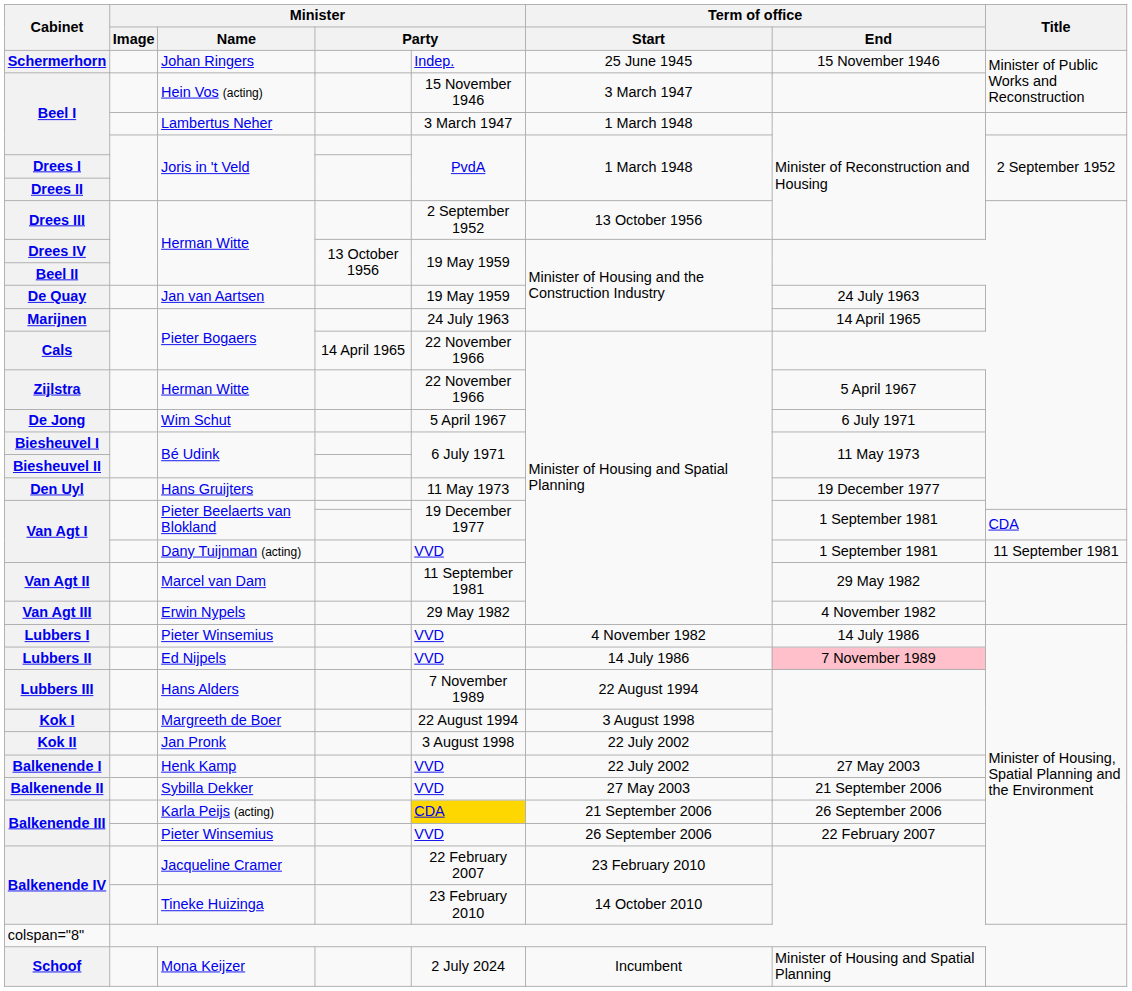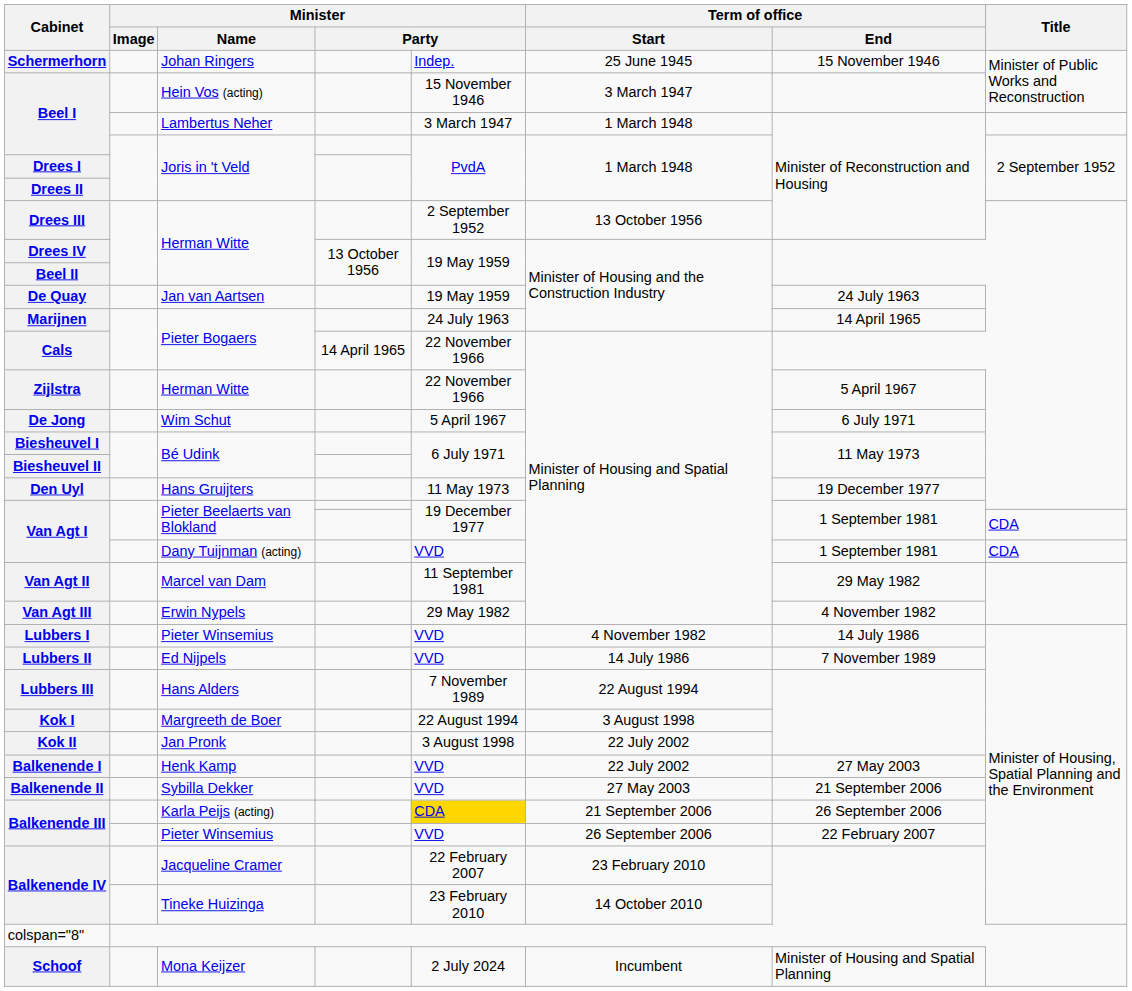 <table class="wikitable plainrowheaders">
 <tr>
 <th rowspan="2">Cabinet</th>
 <th colspan="4">Minister</th>
 <th colspan="2">Term of office</th>
 <th rowspan="2" width="150px">Title</th>
 </tr>
 <tr>
 <th width="1px">Image</th>
 <th>Name</th>
 <th colspan="2">Party</th>
 <th>Start</th>
 <th>End</th>
 </tr>
 <tr>
 <th scope="row"><a href='#'>Schermerhorn</a></th>
 <td rowspan="2"></td>
 <td rowspan="2"><a href='#'>Johan Ringers</a></td>
 <td rowspan="2" style="background:"></td>
 <td rowspan="2"><a href='#'>Indep.</a></td>
 <td rowspan="2" style="text-align:center">25 June 1945</td>
 <td rowspan="2" style="text-align:center">15 November 1946</td>
 <td rowspan="3">Minister of Public Works and Reconstruction</td>
 </tr>
 <tr>
 <th scope="row" rowspan="4"><a href='#'>Beel I</a></th>
 </tr>
 <tr>
 <td></td>
 <td><a href='#'>Hein Vos</a> <small>(acting)</small></td>
 <td></td>
 <td style="text-align:center">15 November 1946</td>
 <td style="text-align:center">3 March 1947</td>
 </tr>
 <tr>
 <td></td>
 <td><a href='#'>Lambertus Neher</a></td>
 <td></td>
 <td style="text-align:center">3 March 1947</td>
 <td style="text-align:center">1 March 1948</td>
 <td rowspan="5">Minister of Reconstruction and Housing</td>
 </tr>
 <tr>
 <td rowspan="3"></td>
 <td rowspan="3"><a href='#'>Joris in 't Veld</a></td>
 <td height="15px" style="background:"></td>
 <td rowspan="3" style="text-align:center"><a href='#'>PvdA</a></td>
 <td rowspan="3" style="text-align:center">1 March 1948</td>
 <td rowspan="3" style="text-align:center">2 September 1952</td>
 </tr>
 <tr>
 <th scope="row"><a href='#'>Drees I</a></th>
 <td rowspan="2" style="background:"></td>
 </tr>
 <tr>
 <th scope="row"><a href='#'>Drees II</a></th>
 </tr>
 <tr>
 <th scope="row"><a href='#'>Drees III</a></th>
 <td rowspan="3"></td>
 <td rowspan="3"><a href='#'>Herman Witte</a></td>
 <td></td>
 <td style="text-align:center">2 September 1952</td>
 <td style="text-align:center">13 October 1956</td>
 </tr>
 <tr>
 <th scope="row"><a href='#'>Drees IV</a></th>
 <td rowspan="2" style="text-align:center">13 October 1956</td>
 <td rowspan="2" style="text-align:center">19 May 1959</td>
 <td rowspan="4">Minister of Housing and the Construction Industry</td>
 </tr>
 <tr>
 <th scope="row"><a href='#'>Beel II</a></th>
 </tr>
 <tr>
 <th scope="row"><a href='#'>De Quay</a></th>
 <td></td>
 <td><a href='#'>Jan van Aartsen</a></td>
 <td></td>
 <td style="text-align:center">19 May 1959</td>
 <td style="text-align:center">24 July 1963</td>
 </tr>
 <tr>
 <th scope="row"><a href='#'>Marijnen</a></th>
 <td rowspan="2"></td>
 <td rowspan="2"><a href='#'>Pieter Bogaers</a></td>
 <td></td>
 <td style="text-align:center">24 July 1963</td>
 <td style="text-align:center">14 April 1965</td>
 </tr>
 <tr>
 <th scope="row"><a href='#'>Cals</a></th>
 <td style="text-align:center">14 April 1965</td>
 <td style="text-align:center">22 November 1966</td>
 <td rowspan="11">Minister of Housing and Spatial Planning</td>
 </tr>
 <tr>
 <th scope="row"><a href='#'>Zijlstra</a></th>
 <td></td>
 <td><a href='#'>Herman Witte</a></td>
 <td></td>
 <td style="text-align:center">22 November 1966</td>
 <td style="text-align:center">5 April 1967</td>
 </tr>
 <tr>
 <th scope="row"><a href='#'>De Jong</a></th>
 <td></td>
 <td><a href='#'>Wim Schut</a></td>
 <td></td>
 <td style="text-align:center">5 April 1967</td>
 <td style="text-align:center">6 July 1971</td>
 </tr>
 <tr>
 <th scope="row"><a href='#'>Biesheuvel I</a></th>
 <td rowspan="2"></td>
 <td rowspan="2"><a href='#'>Bé Udink</a></td>
 <td></td>
 <td rowspan="2" style="text-align:center">6 July 1971</td>
 <td rowspan="2" style="text-align:center">11 May 1973</td>
 </tr>
 <tr>
 <th scope="row"><a href='#'>Biesheuvel II</a></th>
 </tr>
 <tr>
 <th scope="row"><a href='#'>Den Uyl</a></th>
 <td></td>
 <td><a href='#'>Hans Gruijters</a></td>
 <td></td>
 <td style="text-align:center">11 May 1973</td>
 <td style="text-align:center">19 December 1977</td>
 </tr>
 <tr>
 <th scope="row" rowspan="3"><a href='#'>Van Agt I</a></th>
 <td rowspan="2"></td>
 <td rowspan="2"><a href='#'>Pieter Beelaerts van Blokland</a></td>
 <td></td>
 <td rowspan="2" style="text-align:center">19 December 1977</td>
 <td style="text-align:center" rowspan="2">1 September 1981</td>
 </tr>
 <tr>
 <td style="background:"></td>
 <td><a href='#'>CDA</a></td>
 </tr>
 <tr>
 <td></td>
 <td><a href='#'>Dany Tuijnman</a> <small>(acting)</small></td>
 <td style="background:"></td>
 <td><a href='#'>VVD</a></td>
 <td style="text-align:center">1 September 1981</td>
-<td style="text-align:center">11 September 1981</td>
+<td><a href='#'>CDA</a></td>
 </tr>
 <tr>
 <th scope="row"><a href='#'>Van Agt II</a></th>
 <td></td>
 <td><a href='#'>Marcel van Dam</a></td>
 <td></td>
 <td style="text-align:center">11 September 1981</td>
 <td style="text-align:center">29 May 1982</td>
 </tr>
 <tr>
 <th scope="row"><a href='#'>Van Agt III</a></th>
 <td></td>
 <td><a href='#'>Erwin Nypels</a></td>
 <td></td>
 <td style="text-align:center">29 May 1982</td>
 <td style="text-align:center">4 November 1982</td>
 </tr>
 <tr>
 <th scope="row"><a href='#'>Lubbers I</a></th>
 <td></td>
 <td><a href='#'>Pieter Winsemius</a></td>
 <td style="background:"></td>
 <td><a href='#'>VVD</a></td>
 <td style="text-align:center">4 November 1982</td>
 <td style="text-align:center">14 July 1986</td>
 <td rowspan="12">Minister of Housing, Spatial Planning and the Environment</td>
 </tr>
 <tr>
 <th scope="row"><a href='#'>Lubbers II</a></th>
 <td></td>
 <td><a href='#'>Ed Nijpels</a></td>
 <td style="background:"></td>
 <td><a href='#'>VVD</a></td>
 <td style="text-align:center">14 July 1986</td>
-<td style="background: pink; text-align:center">7 November 1989</td>
+<td style="text-align:center">7 November 1989</td>
 </tr>
 <tr>
 <th scope="row"><a href='#'>Lubbers III</a></th>
 <td></td>
 <td><a href='#'>Hans Alders</a></td>
 <td></td>
 <td style="text-align:center">7 November 1989</td>
 <td style="text-align:center">22 August 1994</td>
 </tr>
 <tr>
 <th scope="row"><a href='#'>Kok I</a></th>
 <td></td>
 <td><a href='#'>Margreeth de Boer</a></td>
 <td></td>
 <td style="text-align:center">22 August 1994</td>
 <td style="text-align:center">3 August 1998</td>
 </tr>
 <tr>
 <th scope="row"><a href='#'>Kok II</a></th>
 <td></td>
 <td><a href='#'>Jan Pronk</a></td>
 <td></td>
 <td style="text-align:center">3 August 1998</td>
 <td style="text-align:center">22 July 2002</td>
 </tr>
 <tr>
 <th scope="row"><a href='#'>Balkenende I</a></th>
 <td></td>
 <td><a href='#'>Henk Kamp</a></td>
 <td style="background:"></td>
 <td><a href='#'>VVD</a></td>
 <td style="text-align:center">22 July 2002</td>
 <td style="text-align:center">27 May 2003</td>
 </tr>
 <tr>
 <th scope="row"><a href='#'>Balkenende II</a></th>
 <td rowspan="2"></td>
 <td rowspan="2"><a href='#'>Sybilla Dekker</a></td>
 <td rowspan="2" style="background:"></td>
 <td rowspan="2"><a href='#'>VVD</a></td>
 <td rowspan="2" style="text-align:center">27 May 2003</td>
 <td rowspan="2" style="text-align:center">21 September 2006</td>
 </tr>
 <tr>
 <th rowspan="3" scope="row"><a href='#'>Balkenende III</a></th>
 </tr>
 <tr>
 <td></td>
 <td><a href='#'>Karla Peijs</a> <small>(acting)</small></td>
 <td style="background:"></td>
 <td style="background: gold;"><a href='#'>CDA</a></td>
 <td style="text-align:center">21 September 2006</td>
 <td style="text-align:center">26 September 2006</td>
 </tr>
 <tr>
 <td></td>
 <td><a href='#'>Pieter Winsemius</a></td>
 <td style="background:"></td>
 <td><a href='#'>VVD</a></td>
 <td style="text-align:center">26 September 2006</td>
 <td style="text-align:center">22 February 2007</td>
 </tr>
 <tr>
 <th rowspan="2" scope="row"><a href='#'>Balkenende IV</a></th>
 <td></td>
 <td><a href='#'>Jacqueline Cramer</a></td>
 <td></td>
 <td style="text-align:center">22 February 2007</td>
 <td style="text-align:center">23 February 2010</td>
 </tr>
 <tr>
 <td></td>
 <td><a href='#'>Tineke Huizinga</a></td>
 <td></td>
 <td style="text-align:center">23 February 2010</td>
 <td style="text-align:center">14 October 2010</td>
 </tr>
 <tr>
 <td>colspan="8" </td>
 </tr>
 <tr>
 <th scope="row"><a href='#'>Schoof</a></th>
 <td></td>
 <td><a href='#'>Mona Keijzer</a></td>
 <td></td>
 <td style="text-align:center">2 July 2024</td>
 <td style="text-align:center">Incumbent</td>
 <td>Minister of Housing and Spatial Planning</td>
 </tr>
 </table>
